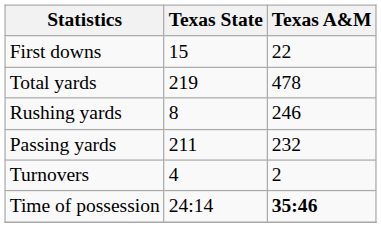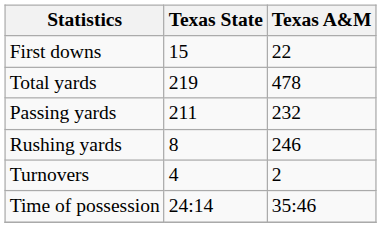 <table class="wikitable" style="float: right;">
 <tr>
 <th>Statistics</th>
 <th>Texas State</th>
 <th>Texas A&M</th>
 </tr>
 <tr>
 <td>First downs</td>
 <td>15</td>
 <td>22</td>
 </tr>
 <tr>
 <td>Total yards</td>
 <td>219</td>
 <td>478</td>
 </tr>
 <tr>
+<td>Passing yards</td>
+<td>211</td>
+<td>232</td>
+</tr>
+<tr>
 <td>Rushing yards</td>
 <td>8</td>
 <td>246</td>
-</tr>
-<tr>
-<td>Passing yards</td>
-<td>211</td>
-<td>232</td>
 </tr>
 <tr>
 <td>Turnovers</td>
 <td>4</td>
 <td>2</td>
 </tr>
 <tr>
 <td>Time of possession</td>
 <td>24:14</td>
-<td><strong>35:46</strong></td>
+<td>35:46</td>
 </tr>
 <tr>
 </tr>
 </table>
